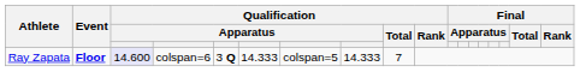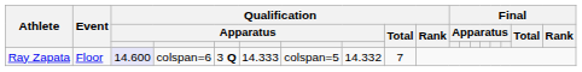 <table class="wikitable" style="font-size:90%">
 <tr>
 <th rowspan=3>Athlete</th>
 <th rowspan=3>Event</th>
 <th colspan =8>Qualification</th>
 <th colspan =8>Final</th>
 </tr>
 <tr style="font-size:95%">
 <th colspan=6>Apparatus</th>
 <th rowspan=2>Total</th>
 <th rowspan=2>Rank</th>
 <th colspan=6>Apparatus</th>
 <th rowspan=2>Total</th>
 <th rowspan=2>Rank</th>
 </tr>
 <tr style="font-size:95%">
 <th></th>
 <th></th>
 <th></th>
 <th></th>
 <th></th>
 <th></th>
 <th></th>
 <th></th>
 <th></th>
 <th></th>
 <th></th>
 <th></th>
 </tr>
 <tr align=center>
 <td align=left><a href='#'>Ray Zapata</a></td>
-<td align=left><strong><a href='#'>Floor</a></strong></td>
+<td align=left><a href='#'>Floor</a></td>
 <td style="background: lavender;">14.600</td>
 <td>colspan=6 </td>
 <td>3 <strong>Q</strong></td>
 <td>14.333</td>
 <td>colspan=5 </td>
-<td>14.333</td>
+<td>14.332</td>
 <td>7</td>
 </tr>
 </table>
